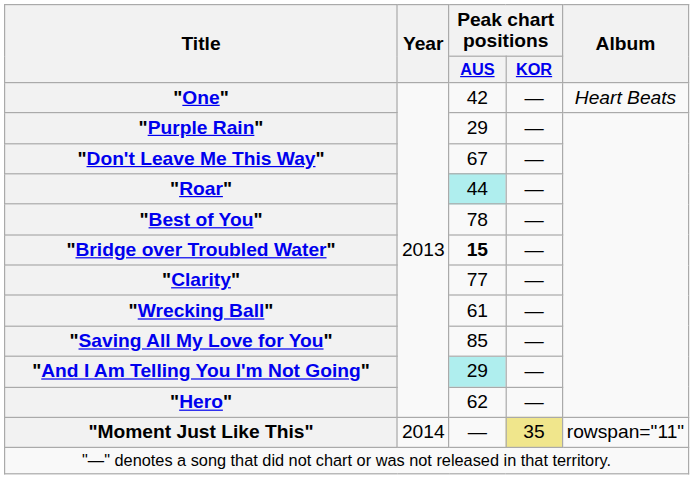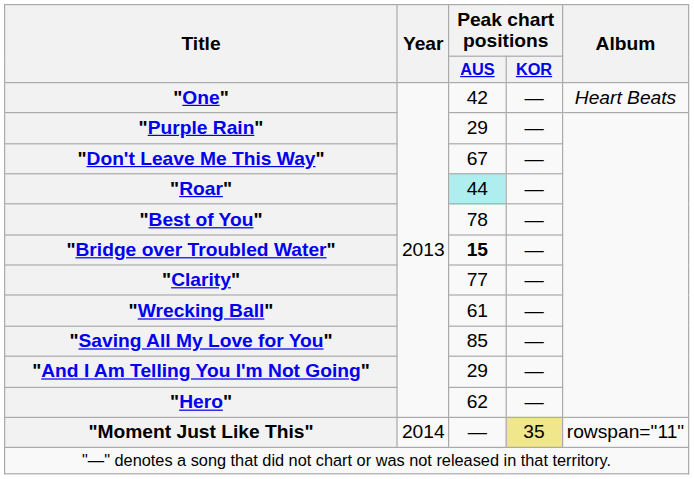 <table class="wikitable plainrowheaders" style="text-align:center;">
 <tr>
 <th scope="col" rowspan="2" style="width:20em;">Title</th>
 <th scope="col" rowspan="2" style="width:1em;">Year</th>
 <th scope="col" colspan="2">Peak chart positions</th>
 <th scope="col" rowspan="2">Album</th>
 </tr>
 <tr>
 <th scope="col" style="width:3em;font-size:85%;"><a href='#'>AUS</a><br></th>
 <th scope="col" style="width:3em;font-size:85%;"><a href='#'>KOR</a><br></th>
 </tr>
 <tr>
 <th scope="row">"<a href='#'>One</a>"</th>
 <td rowspan="11">2013</td>
 <td>42</td>
 <td>—</td>
 <td><em>Heart Beats</em></td>
 </tr>
 <tr>
 <th scope="row">"<a href='#'>Purple Rain</a>"</th>
 <td>29</td>
 <td>—</td>
 </tr>
 <tr>
 <th scope="row">"<a href='#'>Don't Leave Me This Way</a>"</th>
 <td>67</td>
 <td>—</td>
 </tr>
 <tr>
 <th scope="row">"<a href='#'>Roar</a>"</th>
 <td style="background: paleturquoise;">44</td>
 <td>—</td>
 </tr>
 <tr>
 <th scope="row">"<a href='#'>Best of You</a>"</th>
 <td>78</td>
 <td>—</td>
 </tr>
 <tr>
 <th scope="row">"<a href='#'>Bridge over Troubled Water</a>"</th>
 <td><strong>15</strong></td>
 <td>—</td>
 </tr>
 <tr>
 <th scope="row">"<a href='#'>Clarity</a>"</th>
 <td>77</td>
 <td>—</td>
 </tr>
 <tr>
 <th scope="row">"<a href='#'>Wrecking Ball</a>"</th>
 <td>61</td>
 <td>—</td>
 </tr>
 <tr>
 <th scope="row">"<a href='#'>Saving All My Love for You</a>"</th>
 <td>85</td>
 <td>—</td>
 </tr>
 <tr>
 <th scope="row">"<a href='#'>And I Am Telling You I'm Not Going</a>"</th>
-<td style="background: paleturquoise;">29</td>
+<td>29</td>
 <td>—</td>
 </tr>
 <tr>
 <th scope="row">"<a href='#'>Hero</a>"</th>
 <td>62</td>
 <td>—</td>
 </tr>
 <tr>
 <th scope="row">"Moment Just Like This"</th>
 <td>2014</td>
 <td>—</td>
 <td style="background: khaki;">35</td>
 <td>rowspan="11" </td>
 </tr>
 <tr>
 <td colspan="20" style="text-align:center; font-size:85%;">"—" denotes a song that did not chart or was not released in that territory.</td>
 </tr>
 </table>
